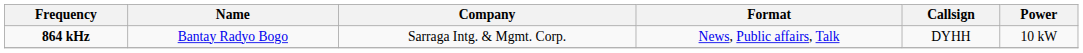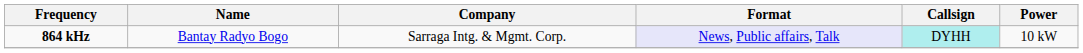 <table class="wikitable" style="width:100%; text-align:center;">
 <tr>
 <th>Frequency</th>
 <th>Name</th>
 <th>Company</th>
 <th>Format</th>
 <th>Callsign</th>
 <th>Power</th>
 </tr>
 <tr>
 <td><strong>864 kHz</strong></td>
 <td><a href='#'>Bantay Radyo Bogo</a></td>
 <td>Sarraga Intg. & Mgmt. Corp.</td>
-<td><a href='#'>News</a>, <a href='#'>Public affairs</a>, <a href='#'>Talk</a></td>
-<td>DYHH</td>
+<td style="background: lavender;"><a href='#'>News</a>, <a href='#'>Public affairs</a>, <a href='#'>Talk</a></td>
+<td style="background: paleturquoise;">DYHH</td>
 <td>10 kW</td>
 </tr>
 <tr>
 </tr>
 </table>
